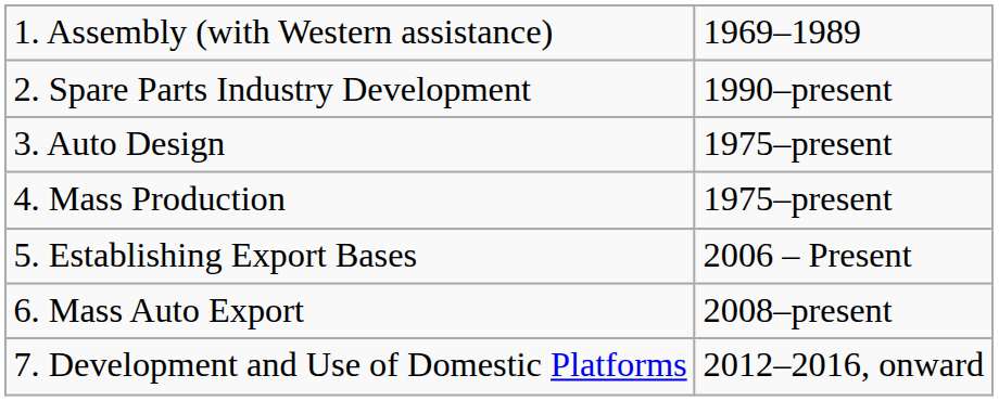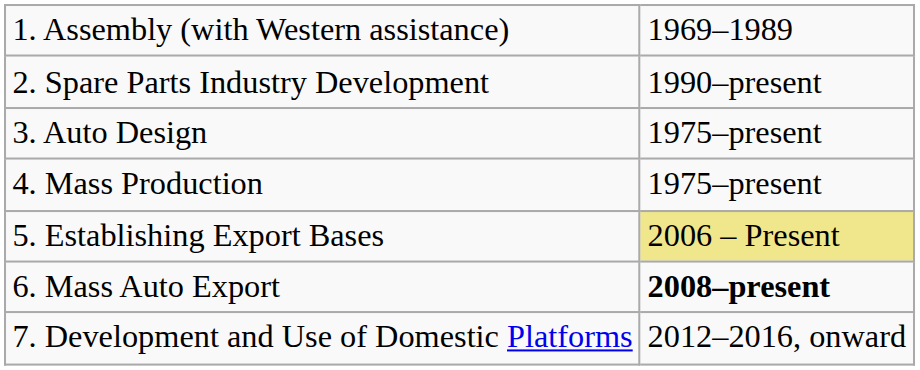 <table class="wikitable">
 <tr>
 <td>1. Assembly (with Western assistance)</td>
 <td>1969–1989</td>
 </tr>
 <tr>
 <td>2. Spare Parts Industry Development</td>
 <td>1990–present</td>
 </tr>
 <tr>
 <td>3. Auto Design</td>
 <td>1975–present</td>
 </tr>
 <tr>
 <td>4. Mass Production</td>
 <td>1975–present</td>
 </tr>
 <tr>
 <td>5. Establishing Export Bases</td>
-<td>2006 – Present</td>
+<td style="background: khaki;">2006 – Present</td>
 </tr>
 <tr>
 <td>6. Mass Auto Export</td>
-<td>2008–present</td>
+<td><strong>2008–present</strong></td>
 </tr>
 <tr>
 <td>7. Development and Use of Domestic <a href='#'>Platforms</a></td>
 <td>2012–2016, onward</td>
 </tr>
 </table>
